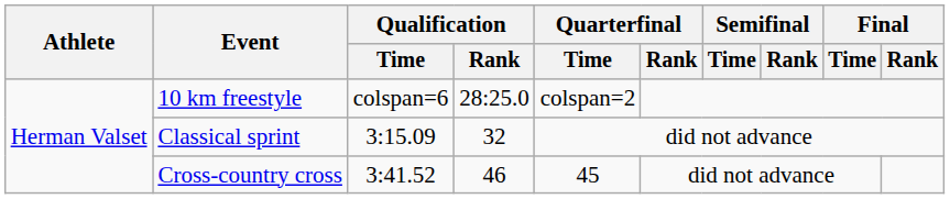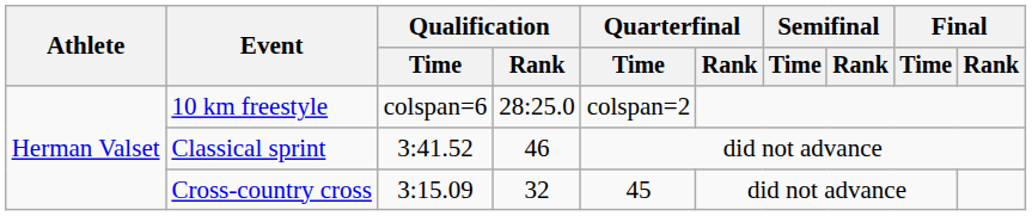 <table class="wikitable" style="font-size:90%">
 <tr>
 <th rowspan="2">Athlete</th>
 <th rowspan="2">Event</th>
 <th colspan="2">Qualification</th>
 <th colspan="2">Quarterfinal</th>
 <th colspan="2">Semifinal</th>
 <th colspan="2">Final</th>
 </tr>
 <tr style="font-size:95%">
 <th>Time</th>
 <th>Rank</th>
 <th>Time</th>
 <th>Rank</th>
 <th>Time</th>
 <th>Rank</th>
 <th>Time</th>
 <th>Rank</th>
 </tr>
 <tr align=center>
 <td align=left rowspan=3><a href='#'>Herman Valset</a></td>
 <td align=left><a href='#'>10 km freestyle</a></td>
 <td>colspan=6 </td>
 <td>28:25.0</td>
 <td>colspan=2 </td>
 </tr>
 <tr align=center>
 <td align=left><a href='#'>Classical sprint</a></td>
-<td>3:15.09</td>
-<td>32</td>
+<td>3:41.52</td>
+<td>46</td>
 <td colspan=6>did not advance</td>
 </tr>
 <tr align=center>
 <td align=left><a href='#'>Cross-country cross</a></td>
-<td>3:41.52</td>
-<td>46</td>
+<td>3:15.09</td>
+<td>32</td>
 <td>45</td>
 <td colspan=4>did not advance</td>
 </tr>
 </table>
